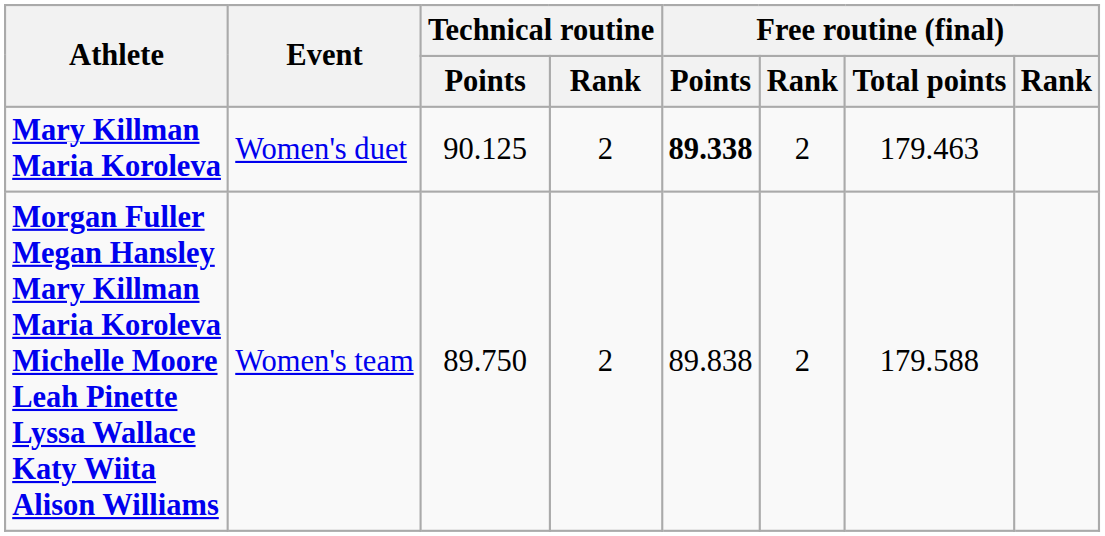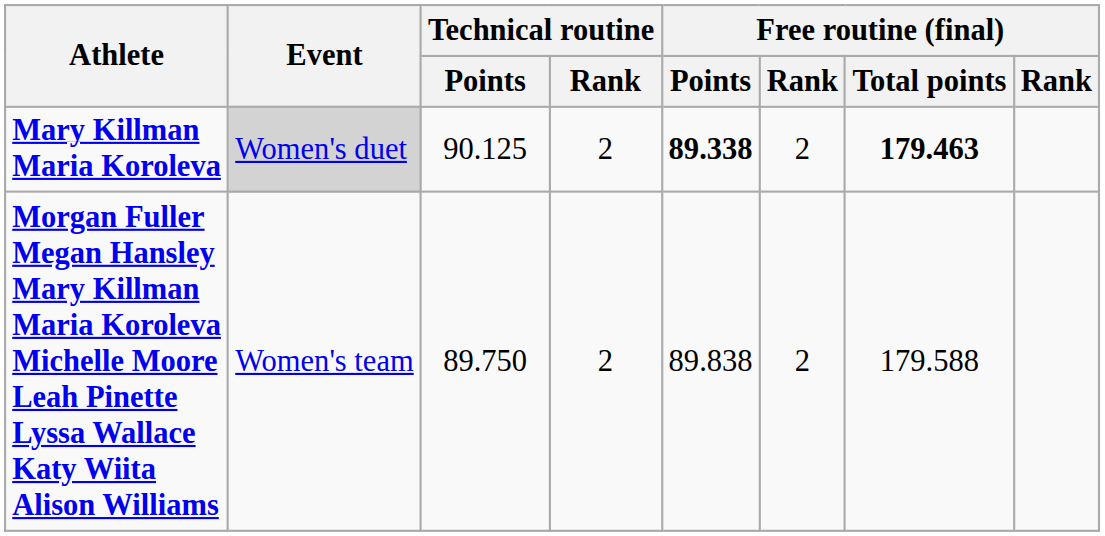 <table class=wikitable style="font-size:90%">
 <tr>
 <th rowspan="2">Athlete</th>
 <th rowspan="2">Event</th>
 <th colspan="2">Technical routine</th>
 <th colspan="4">Free routine (final)</th>
 </tr>
 <tr>
 <th>Points</th>
 <th>Rank</th>
 <th>Points</th>
 <th>Rank</th>
 <th>Total points</th>
 <th>Rank</th>
 </tr>
 <tr align=center>
 <td align=left><strong><a href='#'>Mary Killman</a><br><a href='#'>Maria Koroleva</a></strong></td>
-<td align=left><a href='#'>Women's duet</a></td>
+<td align=left style="background: lightgrey;"><a href='#'>Women's duet</a></td>
 <td>90.125</td>
 <td>2</td>
 <td><strong>89.338</strong></td>
 <td>2</td>
-<td>179.463</td>
+<td><strong>179.463</strong></td>
 <td></td>
 </tr>
 <tr align=center>
 <td align=left><strong><a href='#'>Morgan Fuller</a><br><a href='#'>Megan Hansley</a><br><a href='#'>Mary Killman</a><br><a href='#'>Maria Koroleva</a><br><a href='#'>Michelle Moore</a><br><a href='#'>Leah Pinette</a><br><a href='#'>Lyssa Wallace</a><br><a href='#'>Katy Wiita</a><br><a href='#'>Alison Williams</a></strong></td>
 <td align=left><a href='#'>Women's team</a></td>
 <td>89.750</td>
 <td>2</td>
 <td>89.838</td>
 <td>2</td>
 <td>179.588</td>
 <td></td>
 </tr>
 </table>
